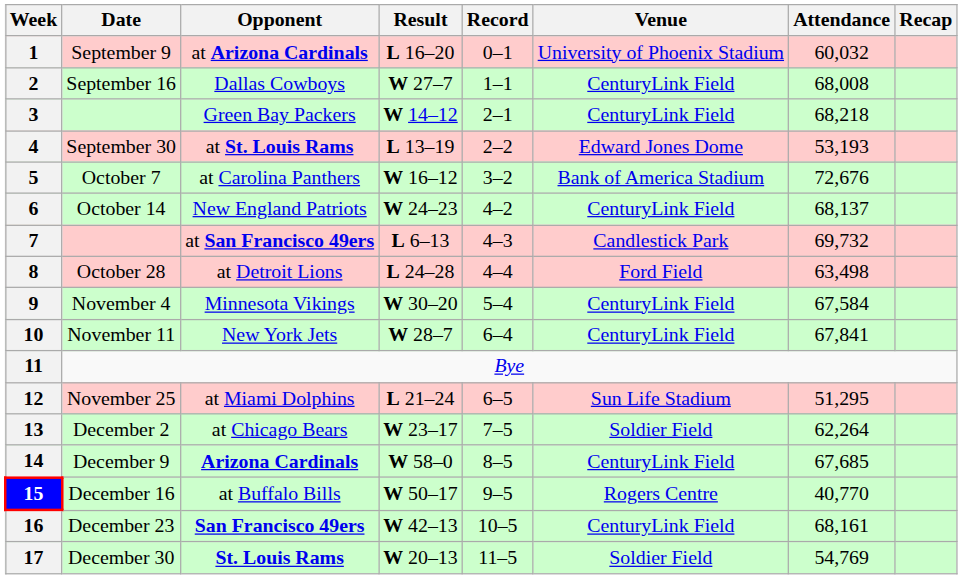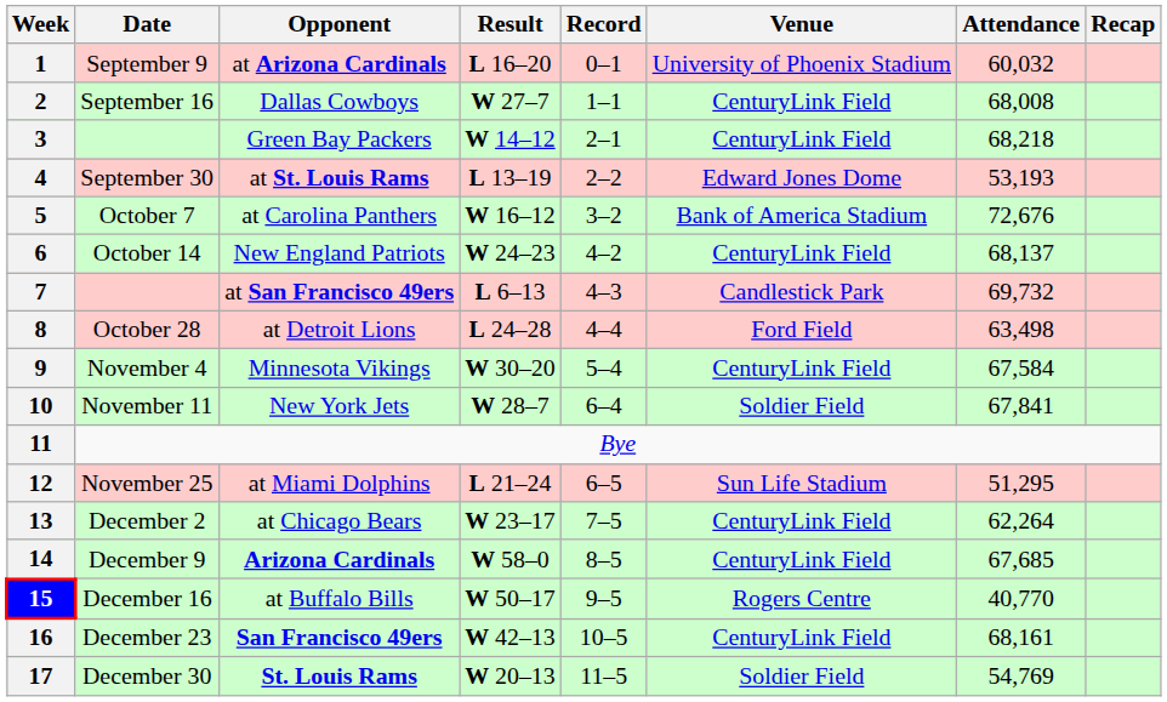 <table class="wikitable" style="text-align:center">
 <tr>
 <th>Week</th>
 <th>Date</th>
 <th>Opponent</th>
 <th>Result</th>
 <th>Record</th>
 <th>Venue</th>
 <th>Attendance</th>
 <th>Recap</th>
 </tr>
 <tr style="background:#fcc">
 <th>1</th>
 <td>September 9</td>
 <td>at <strong><a href='#'>Arizona Cardinals</a></strong></td>
 <td><strong>L</strong> 16–20</td>
 <td>0–1</td>
 <td><a href='#'>University of Phoenix Stadium</a></td>
 <td>60,032</td>
 <td></td>
 </tr>
 <tr style="background:#cfc">
 <th>2</th>
 <td>September 16</td>
 <td><a href='#'>Dallas Cowboys</a></td>
 <td><strong>W</strong> 27–7</td>
 <td>1–1</td>
 <td><a href='#'>CenturyLink Field</a></td>
 <td>68,008</td>
 <td></td>
 </tr>
 <tr style="background:#cfc">
 <th>3</th>
 <td></td>
 <td><a href='#'>Green Bay Packers</a></td>
 <td><strong>W</strong> <a href='#'>14–12</a></td>
 <td>2–1</td>
 <td><a href='#'>CenturyLink Field</a></td>
 <td>68,218</td>
 <td></td>
 </tr>
 <tr style="background:#fcc">
 <th>4</th>
 <td>September 30</td>
 <td>at <strong><a href='#'>St. Louis Rams</a></strong></td>
 <td><strong>L</strong> 13–19</td>
 <td>2–2</td>
 <td><a href='#'>Edward Jones Dome</a></td>
 <td>53,193</td>
 <td></td>
 </tr>
 <tr style="background:#cfc">
 <th>5</th>
 <td>October 7</td>
 <td>at <a href='#'>Carolina Panthers</a></td>
 <td><strong>W</strong> 16–12</td>
 <td>3–2</td>
 <td><a href='#'>Bank of America Stadium</a></td>
 <td>72,676</td>
 <td></td>
 </tr>
 <tr style="background:#cfc">
 <th>6</th>
 <td>October 14</td>
 <td><a href='#'>New England Patriots</a></td>
 <td><strong>W</strong> 24–23</td>
 <td>4–2</td>
 <td><a href='#'>CenturyLink Field</a></td>
 <td>68,137</td>
 <td></td>
 </tr>
 <tr style="background:#fcc">
 <th>7</th>
 <td></td>
 <td>at <strong><a href='#'>San Francisco 49ers</a></strong></td>
 <td><strong>L</strong> 6–13</td>
 <td>4–3</td>
 <td><a href='#'>Candlestick Park</a></td>
 <td>69,732</td>
 <td></td>
 </tr>
 <tr style="background:#fcc">
 <th>8</th>
 <td>October 28</td>
 <td>at <a href='#'>Detroit Lions</a></td>
 <td><strong>L</strong> 24–28</td>
 <td>4–4</td>
 <td><a href='#'>Ford Field</a></td>
 <td>63,498</td>
 <td></td>
 </tr>
 <tr style="background:#cfc">
 <th>9</th>
 <td>November 4</td>
 <td><a href='#'>Minnesota Vikings</a></td>
 <td><strong>W</strong> 30–20</td>
 <td>5–4</td>
 <td><a href='#'>CenturyLink Field</a></td>
 <td>67,584</td>
 <td></td>
 </tr>
 <tr style="background:#cfc">
 <th>10</th>
 <td>November 11</td>
 <td><a href='#'>New York Jets</a></td>
 <td><strong>W</strong> 28–7</td>
 <td>6–4</td>
-<td><a href='#'>CenturyLink Field</a></td>
+<td><a href='#'>Soldier Field</a></td>
 <td>67,841</td>
 <td></td>
 </tr>
 <tr>
 <th>11</th>
 <td colspan="7"><em><a href='#'>Bye</a></em></td>
 </tr>
 <tr style="background:#fcc">
 <th>12</th>
 <td>November 25</td>
 <td>at <a href='#'>Miami Dolphins</a></td>
 <td><strong>L</strong> 21–24</td>
 <td>6–5</td>
 <td><a href='#'>Sun Life Stadium</a></td>
 <td>51,295</td>
 <td></td>
 </tr>
 <tr style="background:#cfc">
 <th>13</th>
 <td>December 2</td>
 <td>at <a href='#'>Chicago Bears</a></td>
 <td><strong>W</strong> 23–17 </td>
 <td>7–5</td>
-<td><a href='#'>Soldier Field</a></td>
+<td><a href='#'>CenturyLink Field</a></td>
 <td>62,264</td>
 <td></td>
 </tr>
 <tr style="background:#cfc">
 <th>14</th>
 <td>December 9</td>
 <td><strong><a href='#'>Arizona Cardinals</a></strong></td>
 <td><strong>W</strong> 58–0</td>
 <td>8–5</td>
 <td><a href='#'>CenturyLink Field</a></td>
 <td>67,685</td>
 <td></td>
 </tr>
 <tr style="background:#cfc">
 <th style="background:blue; color:white; border:2px solid red">15</th>
 <td>December 16</td>
 <td>at <a href='#'>Buffalo Bills</a></td>
 <td><strong>W</strong> 50–17</td>
 <td>9–5</td>
 <td> <a href='#'>Rogers Centre</a> </td>
 <td>40,770</td>
 <td></td>
 </tr>
 <tr style="background:#cfc">
 <th>16</th>
 <td>December 23</td>
 <td><strong><a href='#'>San Francisco 49ers</a></strong></td>
 <td><strong>W</strong> 42–13</td>
 <td>10–5</td>
 <td><a href='#'>CenturyLink Field</a></td>
 <td>68,161</td>
 <td></td>
 </tr>
 <tr style="background:#cfc">
 <th>17</th>
 <td>December 30</td>
 <td><strong><a href='#'>St. Louis Rams</a></strong></td>
 <td><strong>W</strong> 20–13</td>
 <td>11–5</td>
 <td><a href='#'>Soldier Field</a></td>
 <td>54,769</td>
 <td></td>
 </tr>
 </table>
